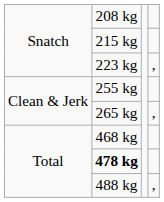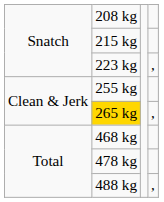 <table class = "wikitable" style="text-align:center;">
 <tr>
 <td rowspan=3>Snatch</td>
 <td>208 kg</td>
 <td rowspan=8 align=left></td>
 <td></td>
 </tr>
 <tr>
 <td>215 kg</td>
 <td></td>
 </tr>
 <tr>
 <td>223 kg</td>
 <td>, </td>
 </tr>
 <tr>
 <td rowspan=2>Clean & Jerk</td>
 <td>255 kg</td>
 <td></td>
 </tr>
 <tr>
-<td>265 kg</td>
+<td style="background: gold;">265 kg</td>
 <td>, </td>
 </tr>
 <tr>
 <td rowspan=3>Total</td>
 <td>468 kg</td>
 <td></td>
 </tr>
 <tr>
-<td><strong>478 kg</strong></td>
+<td>478 kg</td>
 <td></td>
 </tr>
 <tr>
 <td>488 kg</td>
 <td>, </td>
 </tr>
 </table>
